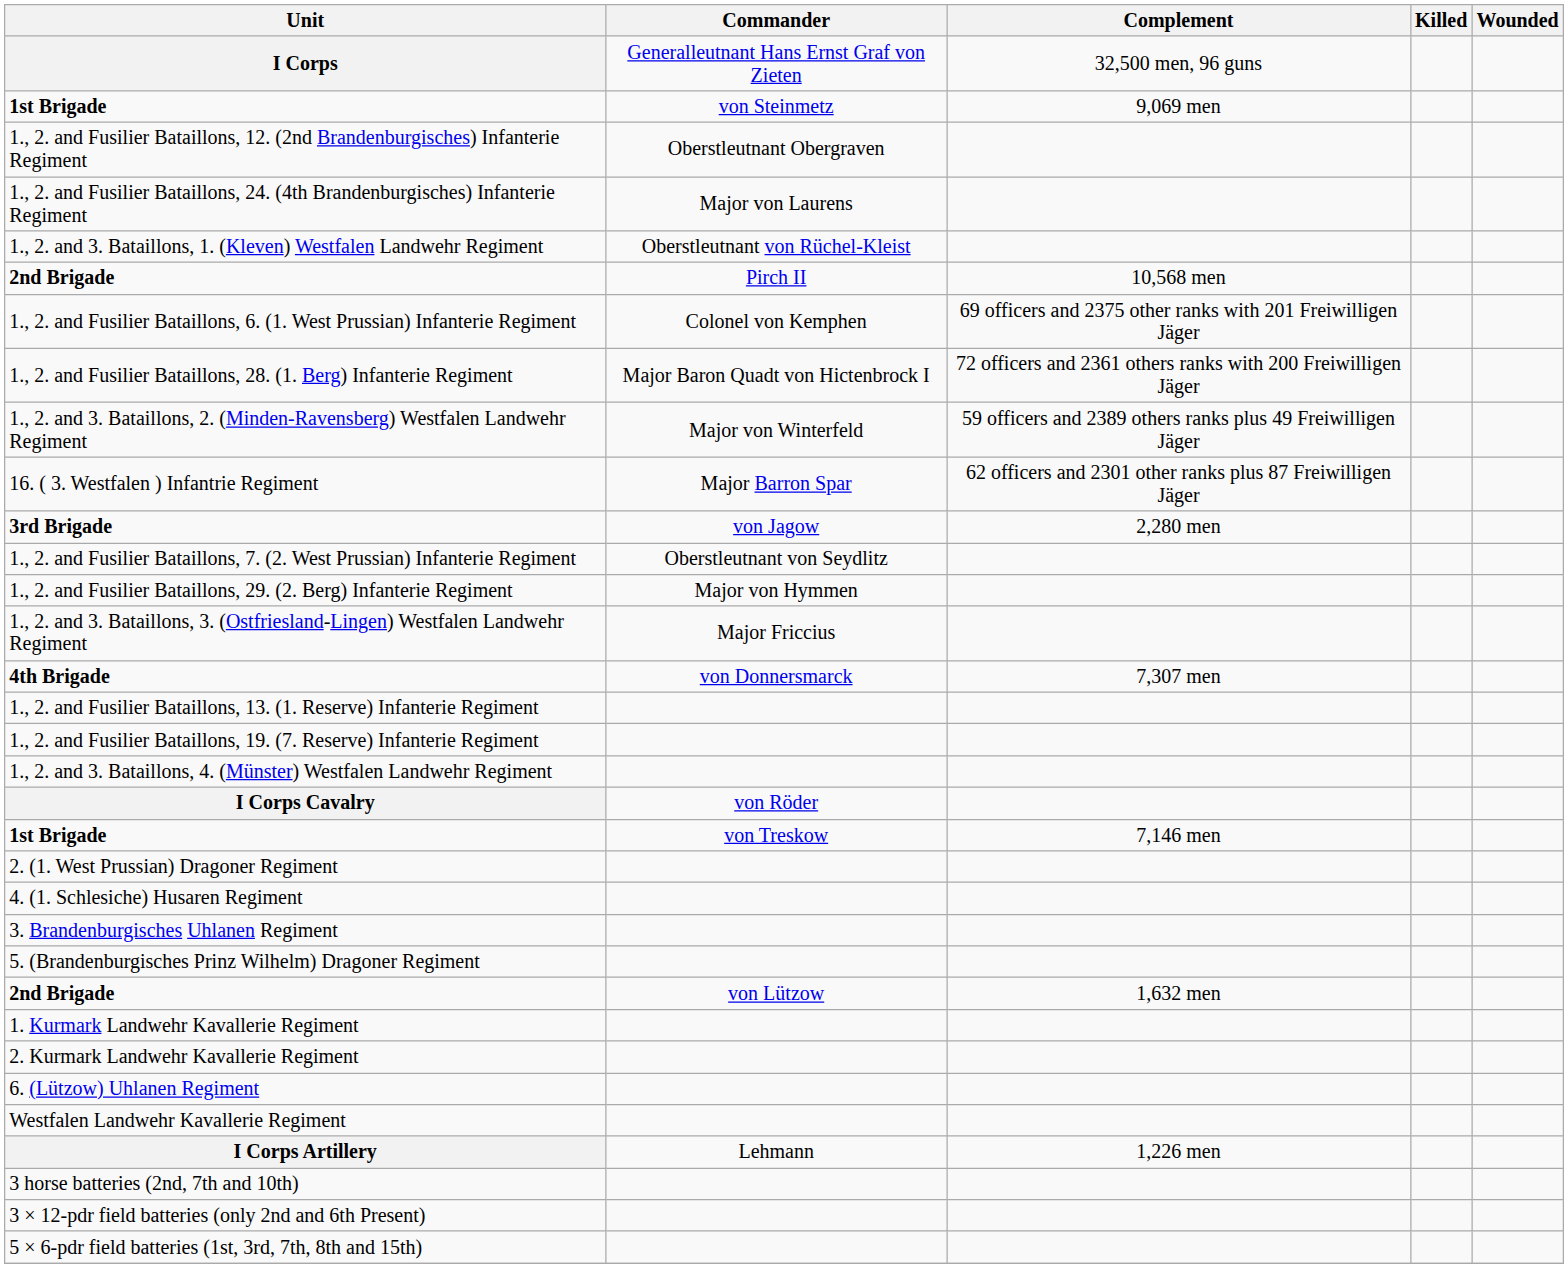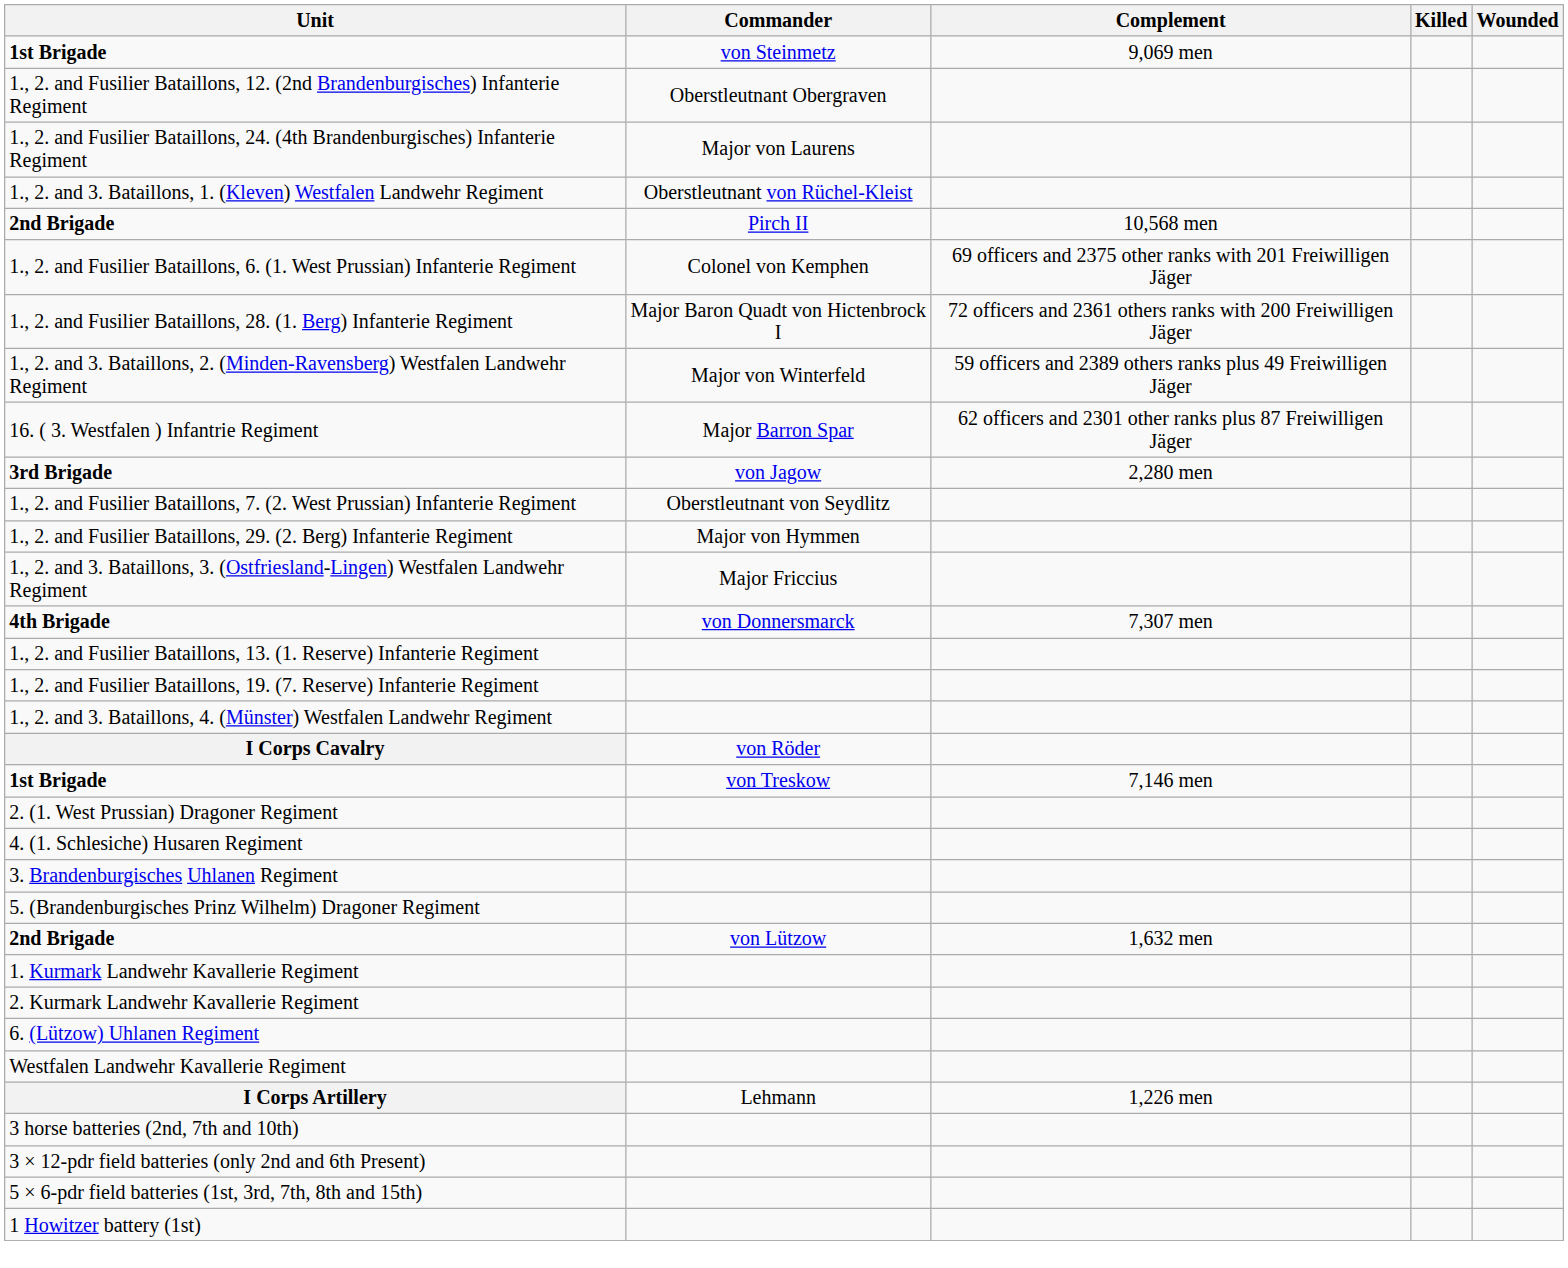 <table class="wikitable">
 <tr>
 <th>Unit</th>
 <th>Commander</th>
 <th>Complement</th>
 <th>Killed</th>
 <th>Wounded</th>
-</tr>
-<tr>
-<th colspan="1" bgcolor="#f9f9f9;">I Corps</th>
-<td align="center"><a href='#'>Generalleutnant Hans Ernst Graf von Zieten</a></td>
-<td align="center">32,500 men, 96 guns</td>
-<td align="center"></td>
-<td align="center"></td>
 </tr>
 <tr>
 <td><strong>1st Brigade</strong></td>
 <td align="center"><a href='#'>von Steinmetz</a></td>
 <td align="center">9,069 men</td>
 <td align="center"></td>
 <td align="center"></td>
 </tr>
 <tr>
 <td>1., 2. and Fusilier Bataillons, 12. (2nd <a href='#'>Brandenburgisches</a>) Infanterie Regiment</td>
 <td align="center">Oberstleutnant Obergraven</td>
 <td align="center"></td>
 <td align="center"></td>
 <td align="center"></td>
 </tr>
 <tr>
 <td>1., 2. and Fusilier Bataillons, 24. (4th Brandenburgisches) Infanterie Regiment</td>
 <td align="center">Major von Laurens</td>
 <td align="center"></td>
 <td align="center"></td>
 <td align="center"></td>
 </tr>
 <tr>
 <td>1., 2. and 3. Bataillons, 1. (<a href='#'>Kleven</a>) <a href='#'>Westfalen</a> Landwehr Regiment</td>
 <td align="center">Oberstleutnant <a href='#'>von Rüchel-Kleist</a></td>
 <td align="center"></td>
 <td align="center"></td>
 <td align="center"></td>
 </tr>
 <tr>
 <td><strong>2nd Brigade</strong></td>
 <td align="center"><a href='#'>Pirch II</a></td>
 <td align="center">10,568 men</td>
 <td align="center"></td>
 <td align="center"></td>
 </tr>
 <tr>
 <td>1., 2. and Fusilier Bataillons, 6. (1. West Prussian) Infanterie Regiment</td>
 <td align="center">Colonel von Kemphen</td>
 <td align="center">69 officers and 2375 other ranks with 201 Freiwilligen Jäger</td>
 <td align="center"></td>
 <td align="center"></td>
 </tr>
 <tr>
 <td>1., 2. and Fusilier Bataillons, 28. (1. <a href='#'>Berg</a>) Infanterie Regiment</td>
 <td align="center">Major Baron Quadt von  Hictenbrock I</td>
 <td align="center">72 officers and 2361 others ranks with 200 Freiwilligen Jäger</td>
 <td align="center"></td>
 <td align="center"></td>
 </tr>
 <tr>
 <td>1., 2. and 3. Bataillons, 2. (<a href='#'>Minden-Ravensberg</a>) Westfalen Landwehr Regiment</td>
 <td align="center">Major von Winterfeld</td>
 <td align="center">59 officers and 2389 others ranks plus 49 Freiwilligen Jäger</td>
 <td align="center"></td>
 <td align="center"></td>
 </tr>
 <tr>
 <td>16. ( 3. Westfalen ) Infantrie Regiment</td>
 <td align="center">Major <a href='#'>Barron Spar</a></td>
 <td align="center">62 officers and 2301 other ranks plus 87 Freiwilligen Jäger</td>
 <td align="center"></td>
 <td align="center"></td>
 </tr>
 <tr>
 <td><strong>3rd Brigade</strong></td>
 <td align="center"><a href='#'>von Jagow</a></td>
 <td align="center">2,280 men</td>
 <td align="center"></td>
 <td align="center"></td>
 </tr>
 <tr>
 <td>1., 2. and Fusilier Bataillons, 7. (2. West Prussian) Infanterie Regiment</td>
 <td align="center">Oberstleutnant von Seydlitz</td>
 <td align="center"></td>
 <td align="center"></td>
 <td align="center"></td>
 </tr>
 <tr>
 <td>1., 2. and Fusilier Bataillons, 29. (2. Berg) Infanterie Regiment</td>
 <td align="center">Major von Hymmen</td>
 <td align="center"></td>
 <td align="center"></td>
 <td align="center"></td>
 </tr>
 <tr>
 <td>1., 2. and 3. Bataillons, 3. (<a href='#'>Ostfriesland</a>-<a href='#'>Lingen</a>) Westfalen Landwehr Regiment</td>
 <td align="center">Major Friccius</td>
 <td align="center"></td>
 <td align="center"></td>
 <td align="center"></td>
 </tr>
 <tr>
 <td><strong>4th Brigade</strong></td>
 <td align="center"><a href='#'>von Donnersmarck</a></td>
 <td align="center">7,307 men</td>
 <td align="center"></td>
 <td align="center"></td>
 </tr>
 <tr>
 <td>1., 2. and Fusilier Bataillons, 13. (1. Reserve) Infanterie Regiment</td>
 <td align="center"></td>
 <td align="center"></td>
 <td align="center"></td>
 <td align="center"></td>
 </tr>
 <tr>
 <td>1., 2. and Fusilier Bataillons, 19. (7. Reserve) Infanterie Regiment</td>
 <td align="center"></td>
 <td align="center"></td>
 <td align="center"></td>
 <td align="center"></td>
 </tr>
 <tr>
 <td>1., 2. and 3. Bataillons, 4. (<a href='#'>Münster</a>) Westfalen Landwehr Regiment</td>
 <td align="center"></td>
 <td align="center"></td>
 <td align="center"></td>
 <td align="center"></td>
 </tr>
 <tr>
 <th colspan="1" bgcolor="#f9f9f9;"> I Corps Cavalry</th>
 <td align="center"><a href='#'>von Röder</a></td>
 <td align="center"></td>
 <td align="center"></td>
 <td align="center"></td>
 </tr>
 <tr>
 <td><strong>1st Brigade</strong></td>
 <td align="center"><a href='#'>von Treskow</a></td>
 <td align="center">7,146 men</td>
 <td align="center"></td>
 <td align="center"></td>
 </tr>
 <tr>
 <td>2. (1. West Prussian) Dragoner Regiment</td>
 <td align="center"></td>
 <td align="center"></td>
 <td align="center"></td>
 <td align="center"></td>
 </tr>
 <tr>
 <td>4. (1. Schlesiche) Husaren Regiment</td>
 <td align="center"></td>
 <td align="center"></td>
 <td align="center"></td>
 <td align="center"></td>
 </tr>
 <tr>
 <td>3. <a href='#'>Brandenburgisches</a> <a href='#'>Uhlanen</a> Regiment</td>
 <td align="center"></td>
 <td align="center"></td>
 <td align="center"></td>
 <td align="center"></td>
 </tr>
 <tr>
 <td>5. (Brandenburgisches Prinz Wilhelm) Dragoner Regiment</td>
 <td align="center"></td>
 <td align="center"></td>
 <td align="center"></td>
 <td align="center"></td>
 </tr>
 <tr>
 <td><strong>2nd Brigade</strong></td>
 <td align="center"><a href='#'>von Lützow</a></td>
 <td align="center">1,632 men</td>
 <td align="center"></td>
 <td align="center"></td>
 </tr>
 <tr>
 <td>1. <a href='#'>Kurmark</a> Landwehr Kavallerie Regiment</td>
 <td align="center"></td>
 <td align="center"></td>
 <td align="center"></td>
 <td align="center"></td>
 </tr>
 <tr>
 <td>2. Kurmark Landwehr Kavallerie Regiment</td>
 <td align="center"></td>
 <td align="center"></td>
 <td align="center"></td>
 <td align="center"></td>
 </tr>
 <tr>
 <td>6. <a href='#'>(Lützow) Uhlanen Regiment</a></td>
 <td align="center"></td>
 <td align="center"></td>
 <td align="center"></td>
 <td align="center"></td>
 </tr>
 <tr>
 <td>Westfalen Landwehr Kavallerie Regiment</td>
 <td align="center"></td>
 <td align="center"></td>
 <td align="center"></td>
 <td align="center"></td>
 </tr>
 <tr>
 <th colspan="1" bgcolor="#f9f9f9;">I Corps Artillery</th>
 <td align="center">Lehmann</td>
 <td align="center">1,226 men</td>
 <td align="center"></td>
 <td align="center"></td>
 </tr>
 <tr>
 <td>3 horse batteries (2nd, 7th and 10th)</td>
 <td align="center"></td>
 <td align="center"></td>
 <td align="center"></td>
 <td align="center"></td>
 </tr>
 <tr>
 <td>3 × 12-pdr field batteries (only 2nd and 6th Present)</td>
 <td align="center"></td>
 <td align="center"></td>
 <td align="center"></td>
 <td align="center"></td>
 </tr>
 <tr>
 <td>5 × 6-pdr field batteries (1st, 3rd, 7th, 8th and 15th)</td>
 <td align="center"></td>
 <td align="center"></td>
 <td align="center"></td>
 <td align="center"></td>
 </tr>
 <tr>
+<td>1 <a href='#'>Howitzer</a> battery (1st)</td>
+<td align="center"></td>
+<td align="center"></td>
+<td align="center"></td>
+<td align="center"></td>
+</tr>
+<tr>
 </tr>
 </table>
